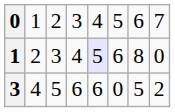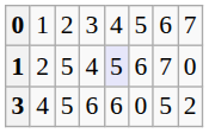 <table class="wikitable">
 <tr>
 <th>0</th>
 <td>1</td>
 <td>2</td>
 <td>3</td>
 <td>4</td>
 <td>5</td>
 <td>6</td>
 <td>7</td>
 </tr>
 <tr>
 <th>1</th>
 <td>2</td>
-<td>3</td>
+<td>5</td>
 <td>4</td>
 <td style="background: lavender;">5</td>
 <td>6</td>
-<td>8</td>
+<td>7</td>
 <td>0</td>
 </tr>
 <tr>
 <th>3</th>
 <td>4</td>
 <td>5</td>
 <td>6</td>
 <td>6</td>
 <td>0</td>
 <td>5</td>
 <td>2</td>
 </tr>
 </table>
